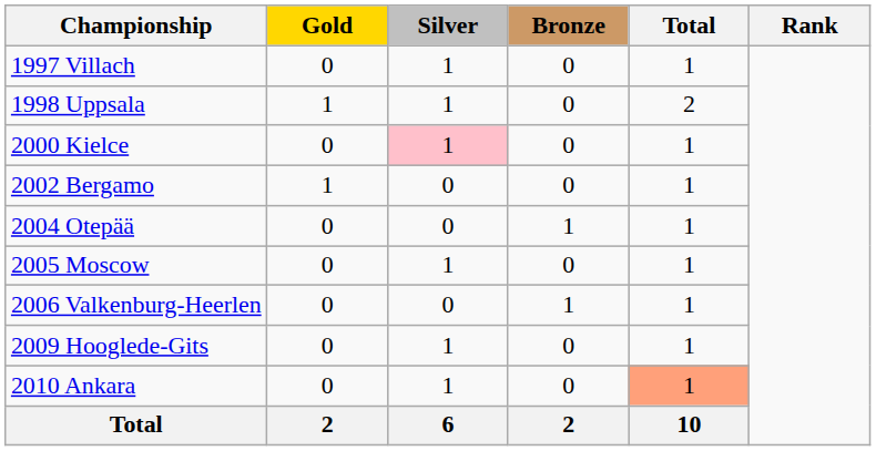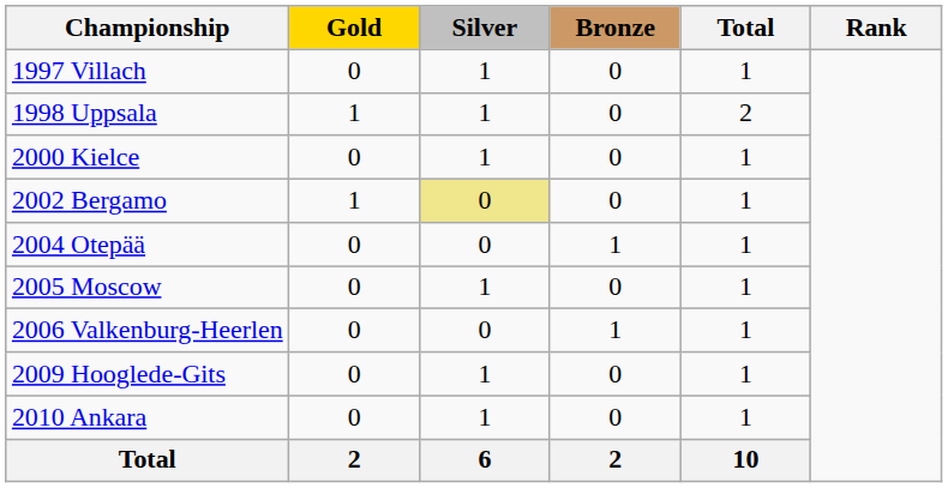 <table class="wikitable sortable" border="1" style="text-align:center; font-size:90%;">
 <tr>
 <th style="width:15:em;">Championship</th>
 <td style="background:gold; width:4.5em; font-weight:bold;">Gold</td>
 <td style="background:silver; width:4.5em; font-weight:bold;">Silver</td>
 <td style="background:#cc9966; width:4.5em; font-weight:bold;">Bronze</td>
 <th style="width:4.5em;">Total</th>
 <th style="width:4.5em;">Rank</th>
 </tr>
 <tr>
 <td align=left> <a href='#'>1997 Villach</a></td>
 <td>0</td>
 <td>1</td>
 <td>0</td>
 <td>1</td>
 </tr>
 <tr>
 <td align=left> <a href='#'>1998 Uppsala</a></td>
 <td>1</td>
 <td>1</td>
 <td>0</td>
 <td>2</td>
 </tr>
 <tr>
 <td align=left> <a href='#'>2000 Kielce</a></td>
 <td>0</td>
-<td style="background: pink;">1</td>
+<td>1</td>
 <td>0</td>
 <td>1</td>
 </tr>
 <tr>
 <td align=left> <a href='#'>2002 Bergamo</a></td>
 <td>1</td>
-<td>0</td>
+<td style="background: khaki;">0</td>
 <td>0</td>
 <td>1</td>
 </tr>
 <tr>
 <td align=left> <a href='#'>2004 Otepää</a></td>
 <td>0</td>
 <td>0</td>
 <td>1</td>
 <td>1</td>
 </tr>
 <tr>
 <td align=left> <a href='#'>2005 Moscow</a></td>
 <td>0</td>
 <td>1</td>
 <td>0</td>
 <td>1</td>
 </tr>
 <tr>
 <td align=left> <a href='#'>2006 Valkenburg-Heerlen</a></td>
 <td>0</td>
 <td>0</td>
 <td>1</td>
 <td>1</td>
 </tr>
 <tr>
 <td align=left> <a href='#'>2009 Hooglede-Gits</a></td>
 <td>0</td>
 <td>1</td>
 <td>0</td>
 <td>1</td>
 </tr>
 <tr>
 <td align=left> <a href='#'>2010 Ankara</a></td>
 <td>0</td>
 <td>1</td>
 <td>0</td>
-<td style="background: lightsalmon;">1</td>
+<td>1</td>
 </tr>
 <tr>
 <th>Total</th>
 <th>2</th>
 <th>6</th>
 <th>2</th>
 <th>10</th>
 </tr>
 </table>
